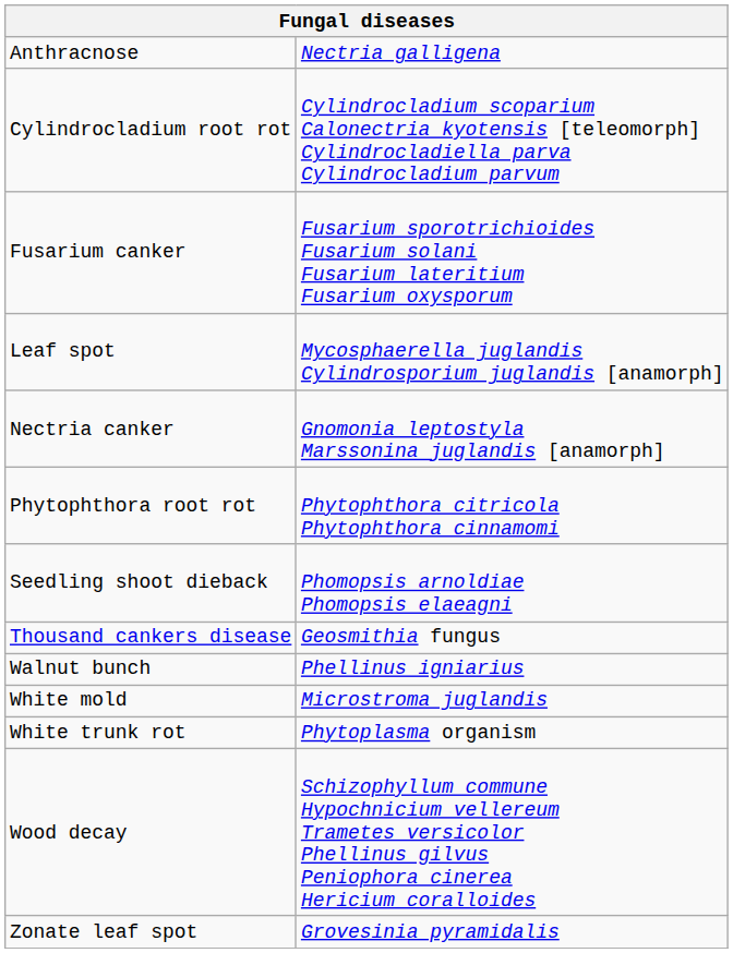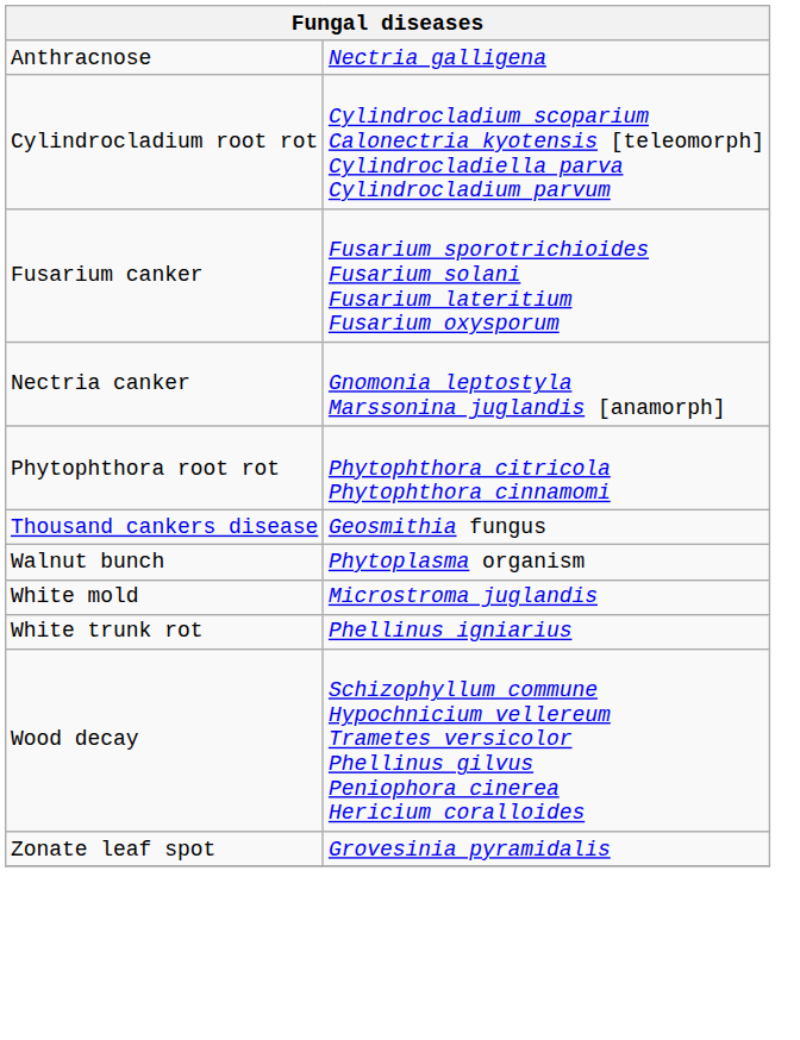 <table class="wikitable" style="clear:left">
 <tr>
 <th colspan=2><strong>Fungal diseases</strong><br></th>
 </tr>
 <tr>
 <td>Anthracnose</td>
 <td><em><a href='#'>Nectria galligena</a></em></td>
 </tr>
 <tr>
 <td>Cylindrocladium root rot</td>
 <td><br><em><a href='#'>Cylindrocladium scoparium</a></em> <br> <em><a href='#'>Calonectria kyotensis</a></em> [teleomorph]<br>  <em><a href='#'>Cylindrocladiella parva</a></em> <br>  <em><a href='#'>Cylindrocladium parvum</a></em></td>
 </tr>
 <tr>
 <td>Fusarium canker</td>
 <td><br><em><a href='#'>Fusarium sporotrichioides</a></em><br> <em><a href='#'>Fusarium solani</a></em><br> <em><a href='#'>Fusarium lateritium</a></em><br> <em><a href='#'>Fusarium oxysporum</a></em></td>
 </tr>
 <tr>
-<td>Leaf spot</td>
-<td><br><em><a href='#'>Mycosphaerella juglandis</a></em><br> <em><a href='#'>Cylindrosporium juglandis</a></em> [anamorph]</td>
-</tr>
-<tr>
 <td>Nectria canker</td>
 <td><br><em><a href='#'>Gnomonia leptostyla</a></em><br> <em><a href='#'>Marssonina juglandis</a></em> [anamorph]</td>
 </tr>
 <tr>
 <td>Phytophthora root rot</td>
 <td><br><em><a href='#'>Phytophthora citricola</a></em> <br> <em><a href='#'>Phytophthora cinnamomi</a></em></td>
 </tr>
 <tr>
-<td>Seedling shoot dieback</td>
-<td><br><em><a href='#'>Phomopsis arnoldiae</a></em> <br>  <em><a href='#'>Phomopsis elaeagni</a></em></td>
-</tr>
-<tr>
 <td><a href='#'>Thousand cankers disease</a></td>
 <td><em><a href='#'>Geosmithia</a></em> fungus</td>
 </tr>
 <tr>
 <td>Walnut bunch</td>
-<td><em><a href='#'>Phellinus igniarius</a></em></td>
+<td><em><a href='#'>Phytoplasma</a></em> organism</td>
 </tr>
 <tr>
 <td>White mold</td>
 <td><em><a href='#'>Microstroma juglandis</a></em></td>
 </tr>
 <tr>
 <td>White trunk rot</td>
-<td><em><a href='#'>Phytoplasma</a></em> organism</td>
+<td><em><a href='#'>Phellinus igniarius</a></em></td>
 </tr>
 <tr>
 <td>Wood decay</td>
 <td><br><em><a href='#'>Schizophyllum commune</a></em><br> <em><a href='#'>Hypochnicium vellereum</a></em><br> <em><a href='#'>Trametes versicolor</a></em><br> <em><a href='#'>Phellinus gilvus</a></em><br> <em><a href='#'>Peniophora cinerea</a></em><br> <em><a href='#'>Hericium coralloides</a></em></td>
 </tr>
 <tr>
 <td>Zonate leaf spot</td>
 <td><em><a href='#'>Grovesinia pyramidalis</a></em></td>
 </tr>
 <tr>
 </tr>
 </table>
